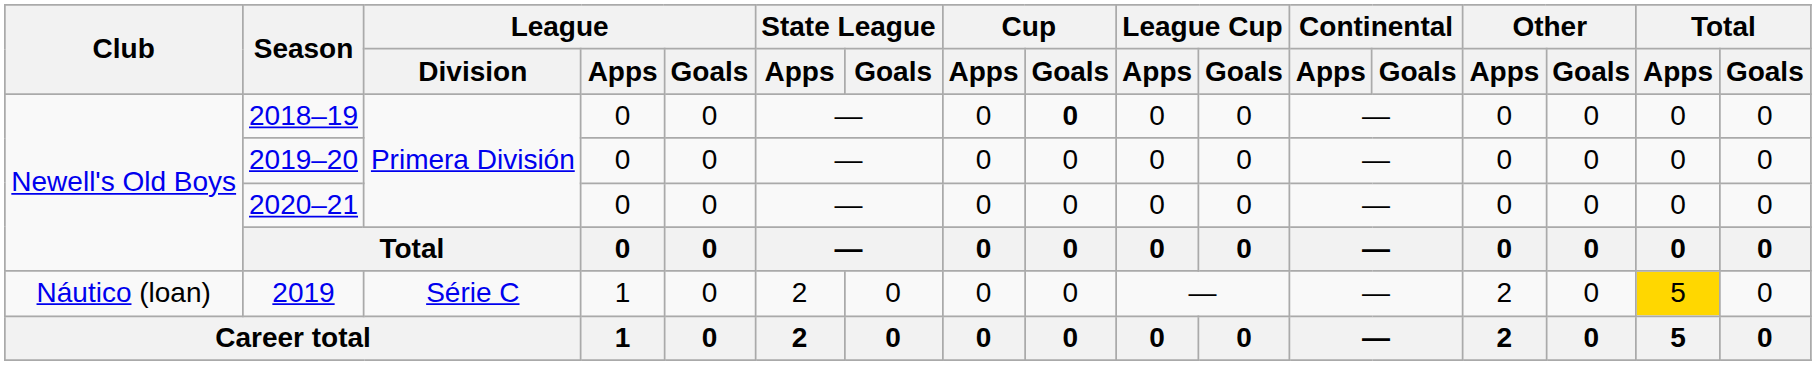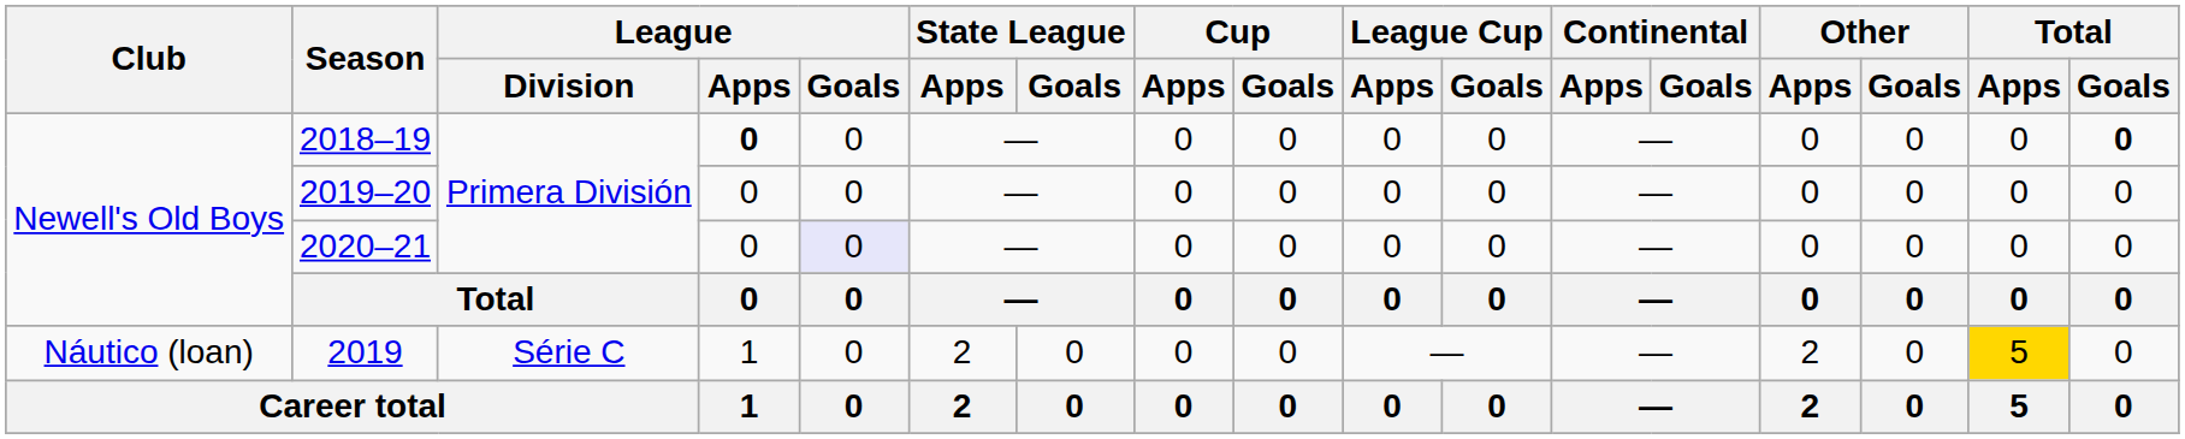 <table class="wikitable" style="text-align:center">
 <tr>
 <th rowspan="2">Club</th>
 <th rowspan="2">Season</th>
 <th colspan="3">League</th>
 <th colspan="2">State League</th>
 <th colspan="2">Cup</th>
 <th colspan="2">League Cup</th>
 <th colspan="2">Continental</th>
 <th colspan="2">Other</th>
 <th colspan="2">Total</th>
 </tr>
 <tr>
 <th>Division</th>
 <th>Apps</th>
 <th>Goals</th>
 <th>Apps</th>
 <th>Goals</th>
 <th>Apps</th>
 <th>Goals</th>
 <th>Apps</th>
 <th>Goals</th>
 <th>Apps</th>
 <th>Goals</th>
 <th>Apps</th>
 <th>Goals</th>
 <th>Apps</th>
 <th>Goals</th>
 </tr>
 <tr>
 <td rowspan="4"><a href='#'>Newell's Old Boys</a></td>
 <td><a href='#'>2018–19</a></td>
 <td rowspan="3"><a href='#'>Primera División</a></td>
-<td>0</td>
+<td><strong>0</strong></td>
 <td>0</td>
 <td colspan="2">—</td>
 <td>0</td>
-<td><strong>0</strong></td>
+<td>0</td>
 <td>0</td>
 <td>0</td>
 <td colspan="2">—</td>
 <td>0</td>
 <td>0</td>
 <td>0</td>
-<td>0</td>
+<td><strong>0</strong></td>
 </tr>
 <tr>
 <td><a href='#'>2019–20</a></td>
 <td>0</td>
 <td>0</td>
 <td colspan="2">—</td>
 <td>0</td>
 <td>0</td>
 <td>0</td>
 <td>0</td>
 <td colspan="2">—</td>
 <td>0</td>
 <td>0</td>
 <td>0</td>
 <td>0</td>
 </tr>
 <tr>
 <td><a href='#'>2020–21</a></td>
 <td>0</td>
-<td>0</td>
+<td style="background: lavender;">0</td>
 <td colspan="2">—</td>
 <td>0</td>
 <td>0</td>
 <td>0</td>
 <td>0</td>
 <td colspan="2">—</td>
 <td>0</td>
 <td>0</td>
 <td>0</td>
 <td>0</td>
 </tr>
 <tr>
 <th colspan="2">Total</th>
 <th>0</th>
 <th>0</th>
 <th colspan="2">—</th>
 <th>0</th>
 <th>0</th>
 <th>0</th>
 <th>0</th>
 <th colspan="2">—</th>
 <th>0</th>
 <th>0</th>
 <th>0</th>
 <th>0</th>
 </tr>
 <tr>
 <td rowspan="1"><a href='#'>Náutico</a> (loan)</td>
 <td><a href='#'>2019</a></td>
 <td rowspan="1"><a href='#'>Série C</a></td>
 <td>1</td>
 <td>0</td>
 <td>2</td>
 <td>0</td>
 <td>0</td>
 <td>0</td>
 <td colspan="2">—</td>
 <td colspan="2">—</td>
 <td>2</td>
 <td>0</td>
 <td style="background: gold;">5</td>
 <td>0</td>
 </tr>
 <tr>
 <th colspan="3">Career total</th>
 <th>1</th>
 <th>0</th>
 <th>2</th>
 <th>0</th>
 <th>0</th>
 <th>0</th>
 <th>0</th>
 <th>0</th>
 <th colspan="2">—</th>
 <th>2</th>
 <th>0</th>
 <th>5</th>
 <th>0</th>
 </tr>
 </table>
